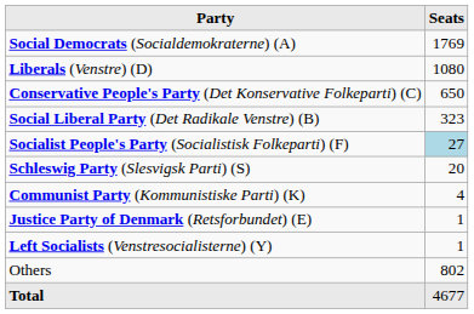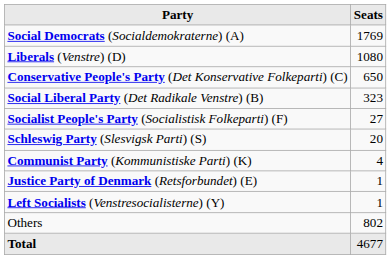 <table class="wikitable">
 <tr>
 <th style="background-color:#E9E9E9">Party</th>
 <th style="background-color:#E9E9E9">Seats</th>
 </tr>
 <tr>
 <td><strong><a href='#'>Social Democrats</a></strong> (<em>Socialdemokraterne</em>) (A)</td>
 <td align="right">1769</td>
 </tr>
 <tr>
 <td><strong><a href='#'>Liberals</a></strong> (<em>Venstre</em>) (D)</td>
 <td align="right">1080</td>
 </tr>
 <tr>
 <td><strong><a href='#'>Conservative People's Party</a></strong> (<em>Det Konservative Folkeparti</em>) (C)</td>
 <td align="right">650</td>
 </tr>
 <tr>
 <td><strong><a href='#'>Social Liberal Party</a></strong> (<em>Det Radikale Venstre</em>) (B)</td>
 <td align="right">323</td>
 </tr>
 <tr>
 <td><strong><a href='#'>Socialist People's Party</a></strong> (<em>Socialistisk Folkeparti</em>) (F)</td>
-<td align="right" style="background: lightblue;">27</td>
+<td align="right">27</td>
 </tr>
 <tr>
 <td><strong><a href='#'>Schleswig Party</a></strong> (<em>Slesvigsk Parti</em>) (S)</td>
 <td align="right">20</td>
 </tr>
 <tr>
 <td><strong><a href='#'>Communist Party</a></strong> (<em>Kommunistiske Parti</em>) (K)</td>
 <td align="right">4</td>
 </tr>
 <tr>
 <td><strong><a href='#'>Justice Party of Denmark</a></strong> (<em>Retsforbundet</em>) (E)</td>
 <td align="right">1</td>
 </tr>
 <tr>
 <td><strong><a href='#'>Left Socialists</a></strong> (<em>Venstresocialisterne</em>) (Y)</td>
 <td align="right">1</td>
 </tr>
 <tr>
 <td>Others</td>
 <td align="right">802</td>
 </tr>
 <tr>
 <td style="background-color:#E9E9E9"><strong>Total</strong></td>
 <td align="right" style="background-color:#E9E9E9">4677</td>
 </tr>
 </table>
